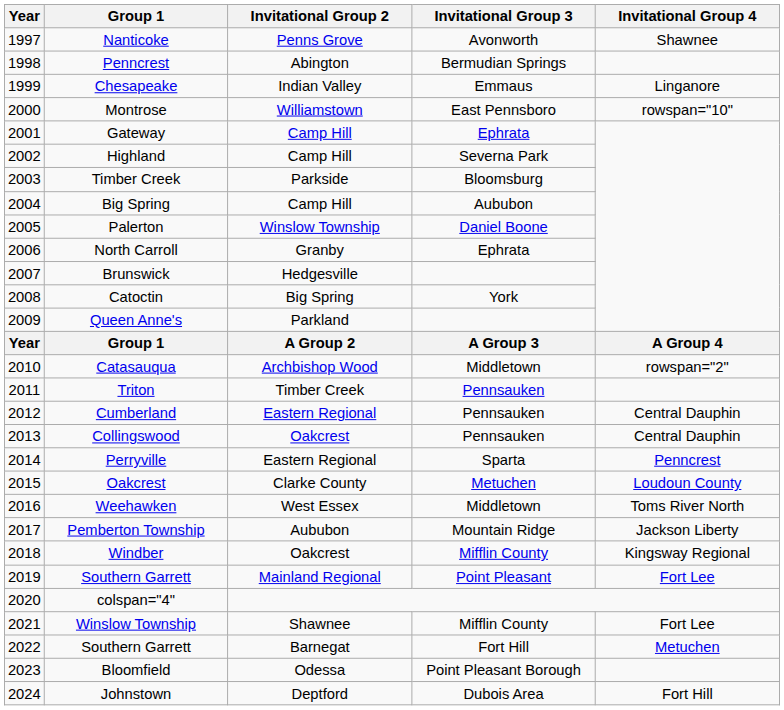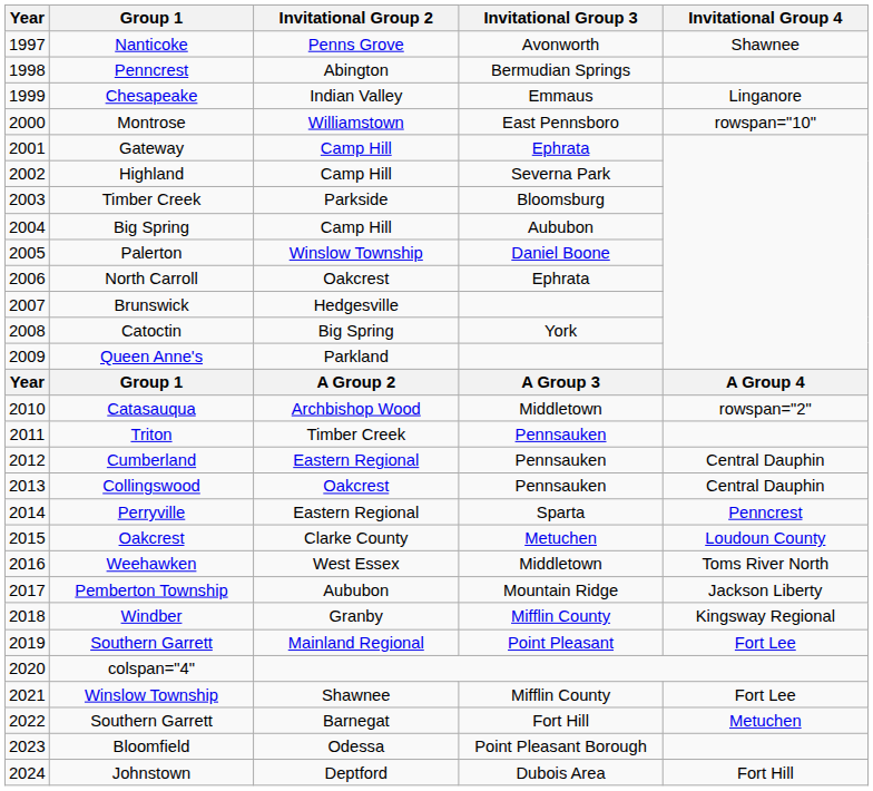 <table class="wikitable" style="font-size: 95%; text-align:center;">
 <tr>
 <th>Year</th>
 <th style="min-width: 12em;"> Group 1</th>
 <th style="min-width: 12em;">Invitational Group 2</th>
 <th style="min-width: 12em;">Invitational Group 3</th>
 <th style="min-width: 12em;">Invitational Group 4</th>
 </tr>
 <tr>
 <td>1997</td>
 <td><a href='#'>Nanticoke</a></td>
 <td><a href='#'>Penns Grove</a></td>
 <td>Avonworth</td>
 <td>Shawnee</td>
 </tr>
 <tr>
 <td>1998</td>
 <td><a href='#'>Penncrest</a></td>
 <td>Abington</td>
 <td>Bermudian Springs</td>
 <td></td>
 </tr>
 <tr>
 <td>1999</td>
 <td><a href='#'>Chesapeake</a></td>
 <td>Indian Valley</td>
 <td>Emmaus</td>
 <td>Linganore</td>
 </tr>
 <tr>
 <td>2000</td>
 <td>Montrose</td>
 <td><a href='#'>Williamstown</a></td>
 <td>East Pennsboro</td>
 <td>rowspan="10" </td>
 </tr>
 <tr>
 <td>2001</td>
 <td>Gateway</td>
 <td><a href='#'>Camp Hill</a></td>
 <td><a href='#'>Ephrata</a></td>
 </tr>
 <tr>
 <td>2002</td>
 <td>Highland</td>
 <td>Camp Hill </td>
 <td>Severna Park</td>
 </tr>
 <tr>
 <td>2003</td>
 <td>Timber Creek</td>
 <td>Parkside</td>
 <td>Bloomsburg</td>
 </tr>
 <tr>
 <td>2004</td>
 <td>Big Spring</td>
 <td>Camp Hill </td>
 <td>Aububon</td>
 </tr>
 <tr>
 <td>2005</td>
 <td>Palerton</td>
 <td><a href='#'>Winslow Township</a></td>
 <td><a href='#'>Daniel Boone</a></td>
 </tr>
 <tr>
 <td>2006</td>
 <td>North Carroll</td>
-<td>Granby</td>
+<td>Oakcrest </td>
 <td>Ephrata </td>
 </tr>
 <tr>
 <td>2007</td>
 <td>Brunswick</td>
 <td>Hedgesville</td>
 <td></td>
 </tr>
 <tr>
 <td>2008</td>
 <td>Catoctin</td>
 <td>Big Spring</td>
 <td>York</td>
 </tr>
 <tr>
 <td>2009</td>
 <td><a href='#'>Queen Anne's</a></td>
 <td>Parkland</td>
 <td></td>
 </tr>
 <tr>
 <th>Year</th>
 <th> Group 1</th>
 <th>A Group 2</th>
 <th>A Group 3</th>
 <th>A Group 4</th>
 </tr>
 <tr>
 <td>2010</td>
 <td><a href='#'>Catasauqua</a></td>
 <td><a href='#'>Archbishop Wood</a></td>
 <td>Middletown</td>
 <td>rowspan="2" </td>
 </tr>
 <tr>
 <td>2011</td>
 <td><a href='#'>Triton</a></td>
 <td>Timber Creek</td>
 <td><a href='#'>Pennsauken</a></td>
 </tr>
 <tr>
 <td>2012</td>
 <td><a href='#'>Cumberland</a></td>
 <td><a href='#'>Eastern Regional</a></td>
 <td>Pennsauken </td>
 <td>Central Dauphin</td>
 </tr>
 <tr>
 <td>2013</td>
 <td><a href='#'>Collingswood</a></td>
 <td><a href='#'>Oakcrest</a></td>
 <td>Pennsauken </td>
 <td>Central Dauphin </td>
 </tr>
 <tr>
 <td>2014</td>
 <td><a href='#'>Perryville</a></td>
 <td>Eastern Regional </td>
 <td>Sparta</td>
 <td><a href='#'>Penncrest</a></td>
 </tr>
 <tr>
 <td>2015</td>
 <td><a href='#'>Oakcrest</a></td>
 <td>Clarke County</td>
 <td><a href='#'>Metuchen</a></td>
 <td><a href='#'>Loudoun County</a></td>
 </tr>
 <tr>
 <td>2016</td>
 <td><a href='#'>Weehawken</a></td>
 <td>West Essex</td>
 <td>Middletown </td>
 <td>Toms River North</td>
 </tr>
 <tr>
 <td>2017</td>
 <td><a href='#'>Pemberton Township</a></td>
 <td>Aububon</td>
 <td>Mountain Ridge</td>
 <td>Jackson Liberty</td>
 </tr>
 <tr>
 <td>2018</td>
 <td><a href='#'>Windber</a></td>
-<td>Oakcrest </td>
+<td>Granby</td>
 <td><a href='#'>Mifflin County</a></td>
 <td>Kingsway Regional</td>
 </tr>
 <tr>
 <td>2019</td>
 <td><a href='#'>Southern Garrett</a></td>
 <td><a href='#'>Mainland Regional</a></td>
 <td><a href='#'>Point Pleasant</a></td>
 <td><a href='#'>Fort Lee</a></td>
 </tr>
 <tr>
 <td>2020</td>
 <td>colspan="4" </td>
 </tr>
 <tr>
 <td>2021</td>
 <td><a href='#'>Winslow Township</a></td>
 <td>Shawnee</td>
 <td>Mifflin County </td>
 <td>Fort Lee </td>
 </tr>
 <tr>
 <td>2022</td>
 <td>Southern Garrett </td>
 <td>Barnegat</td>
 <td>Fort Hill</td>
 <td><a href='#'>Metuchen</a></td>
 </tr>
 <tr>
 <td>2023</td>
 <td>Bloomfield</td>
 <td>Odessa</td>
 <td>Point Pleasant Borough</td>
 <td></td>
 </tr>
 <tr>
 <td>2024</td>
 <td>Johnstown</td>
 <td>Deptford</td>
 <td>Dubois Area</td>
 <td>Fort Hill</td>
 </tr>
 </table>
